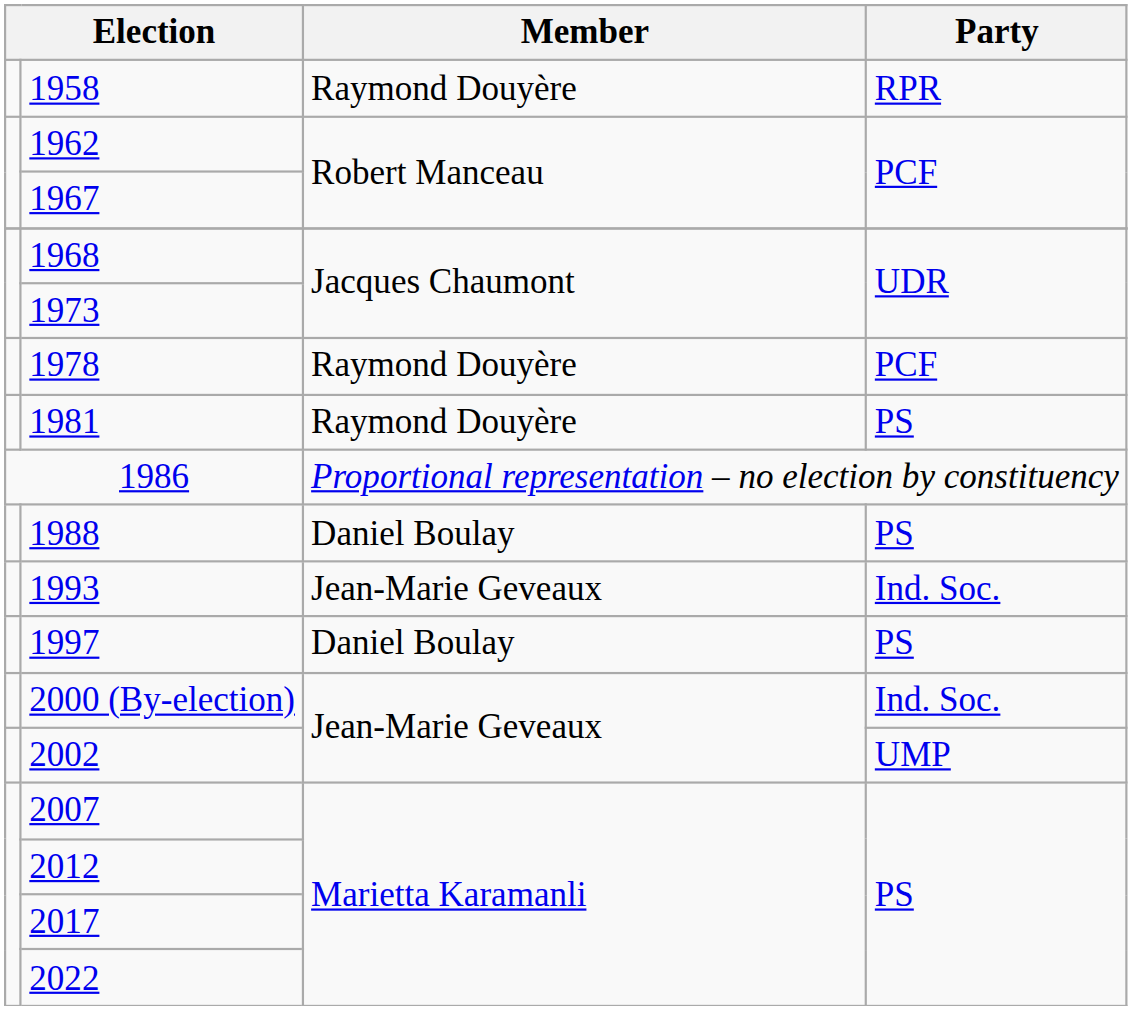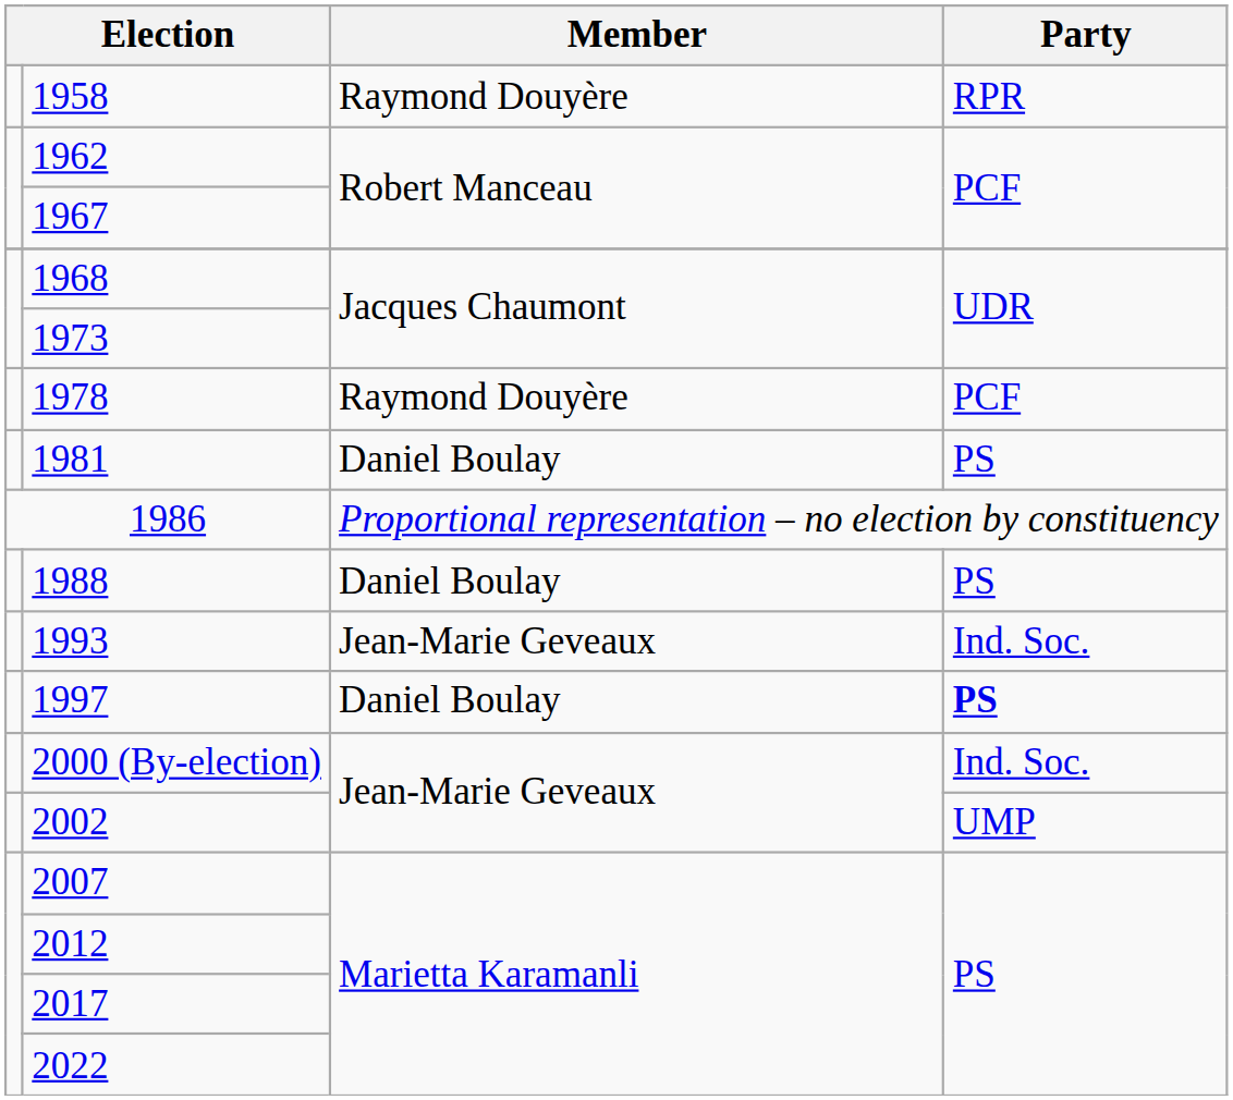 <table class="wikitable">
 <tr>
 <th colspan="2">Election</th>
 <th>Member</th>
 <th>Party</th>
 </tr>
 <tr>
 <td style="background-color: "></td>
 <td><a href='#'>1958</a></td>
 <td>Raymond Douyère</td>
 <td><a href='#'>RPR</a></td>
 </tr>
 <tr>
 <td rowspan="2" style="background-color: "></td>
 <td><a href='#'>1962</a></td>
 <td rowspan="2">Robert Manceau</td>
 <td rowspan="2"><a href='#'>PCF</a></td>
 </tr>
 <tr>
 <td><a href='#'>1967</a></td>
 </tr>
 <tr>
 </tr>
 <tr>
 <td rowspan="2" style="background-color: "></td>
 <td><a href='#'>1968</a></td>
 <td rowspan="2">Jacques Chaumont</td>
 <td rowspan="2"><a href='#'>UDR</a></td>
 </tr>
 <tr>
 <td><a href='#'>1973</a></td>
 </tr>
 <tr>
 <td style="background-color: "></td>
 <td><a href='#'>1978</a></td>
 <td>Raymond Douyère</td>
 <td><a href='#'>PCF</a></td>
 </tr>
 <tr>
 <td style="background-color: "></td>
 <td><a href='#'>1981</a></td>
-<td>Raymond Douyère</td>
+<td>Daniel Boulay</td>
 <td><a href='#'>PS</a></td>
 </tr>
 <tr>
 <td colspan="2" align="center"><a href='#'>1986</a></td>
 <td colspan="2"><em><a href='#'>Proportional representation</a> – no election by constituency</em></td>
 </tr>
 <tr>
 <td style="background-color: "></td>
 <td><a href='#'>1988</a></td>
 <td>Daniel Boulay</td>
 <td><a href='#'>PS</a></td>
 </tr>
 <tr>
 <td style="background-color: "></td>
 <td><a href='#'>1993</a></td>
 <td>Jean-Marie Geveaux</td>
 <td><a href='#'>Ind. Soc.</a></td>
 </tr>
 <tr>
 <td style="background-color: "></td>
 <td><a href='#'>1997</a></td>
 <td>Daniel Boulay</td>
-<td><a href='#'>PS</a></td>
+<td><strong><a href='#'>PS</a></strong></td>
 </tr>
 <tr>
 <td style="background-color: "></td>
 <td><a href='#'>2000 (By-election)</a></td>
 <td rowspan="2">Jean-Marie Geveaux</td>
 <td><a href='#'>Ind. Soc.</a></td>
 </tr>
 <tr>
 <td style="background-color: "></td>
 <td><a href='#'>2002</a></td>
 <td><a href='#'>UMP</a></td>
 </tr>
 <tr>
 <td rowspan="4" style="background-color: "></td>
 <td><a href='#'>2007</a></td>
 <td rowspan="4"><a href='#'>Marietta Karamanli</a></td>
 <td rowspan="4"><a href='#'>PS</a></td>
 </tr>
 <tr>
 <td><a href='#'>2012</a></td>
 </tr>
 <tr>
 <td><a href='#'>2017</a></td>
 </tr>
 <tr>
 <td><a href='#'>2022</a></td>
 </tr>
 </table>
